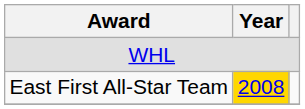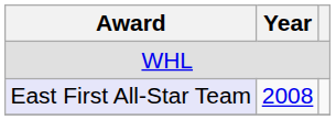 <table class="wikitable">
 <tr>
 <th>Award</th>
 <th>Year</th>
 <th></th>
 </tr>
 <tr ALIGN="center" bgcolor="#e0e0e0">
 <td colspan="3"><a href='#'>WHL</a></td>
 </tr>
 <tr>
-<td>East First All-Star Team</td>
-<td style="background: gold;"><a href='#'>2008</a></td>
+<td style="background: lavender;">East First All-Star Team</td>
+<td><a href='#'>2008</a></td>
 <td></td>
 </tr>
 <tr>
 </tr>
 </table>
